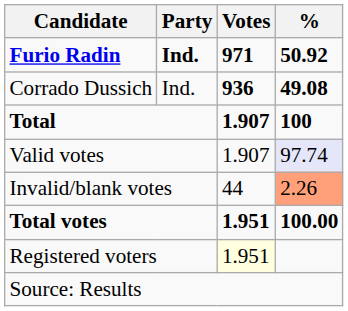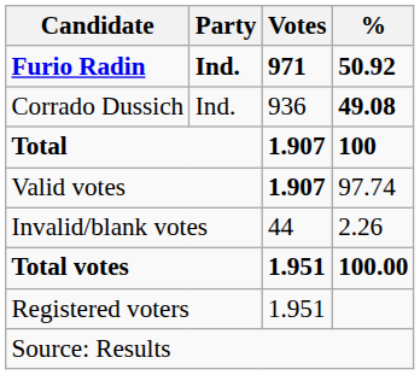 <table class="wikitable" style="text-align: left;">
 <tr>
 <th>Candidate</th>
 <th>Party</th>
 <th>Votes</th>
 <th>%</th>
 </tr>
 <tr>
 <td><strong><a href='#'>Furio Radin</a></strong></td>
 <td><strong>Ind.</strong></td>
 <td><strong>971</strong></td>
 <td><strong>50.92</strong></td>
 </tr>
 <tr>
 <td>Corrado Dussich</td>
 <td>Ind.</td>
-<td><strong>936</strong></td>
+<td>936</td>
 <td><strong>49.08</strong></td>
 </tr>
 <tr>
 <td colspan="2"><strong>Total</strong></td>
 <td><strong>1.907</strong></td>
 <td><strong>100</strong></td>
 </tr>
 <tr>
 <td colspan="2">Valid votes</td>
-<td>1.907</td>
-<td style="background: lavender;">97.74</td>
+<td><strong>1.907</strong></td>
+<td>97.74</td>
 </tr>
 <tr>
 <td colspan="2">Invalid/blank votes</td>
 <td>44</td>
-<td style="background: lightsalmon;">2.26</td>
+<td>2.26</td>
 </tr>
 <tr>
 <td colspan="2"><strong>Total votes</strong></td>
 <td><strong>1.951</strong></td>
 <td><strong>100.00</strong></td>
 </tr>
 <tr>
 <td colspan="2">Registered voters</td>
-<td style="background: lightyellow;">1.951</td>
+<td>1.951</td>
 <td></td>
 </tr>
 <tr>
 <td colspan="4">Source: Results</td>
 </tr>
 </table>
